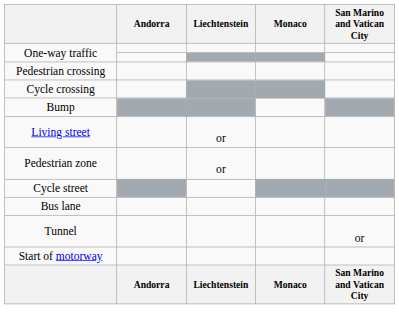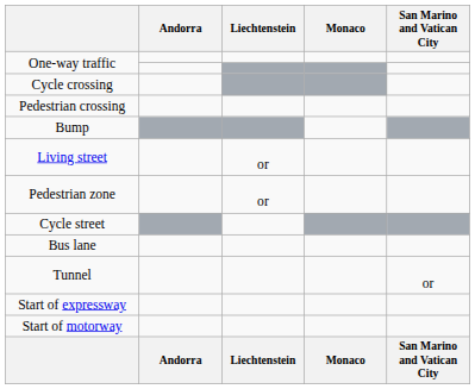 <table class="wikitable" style="text-align:center;">
 <tr style="font-size:smaller;">
 <th width="150"></th>
 <th style="width: 90px;">Andorra</th>
 <th style="width: 90px;">Liechtenstein</th>
 <th style="width: 90px;">Monaco</th>
 <th style="width: 90px;">San Marino and Vatican City</th>
 </tr>
 <tr>
 <td rowspan="2" scope="col">One-way traffic</td>
 <td></td>
 <td></td>
 <td></td>
 <td></td>
 </tr>
 <tr>
 <td></td>
 <td style="background: #a2a9b1;"></td>
 <td style="background: #a2a9b1;"></td>
 <td></td>
 </tr>
 <tr>
+<td>Cycle crossing</td>
+<td></td>
+<td style="background: #a2a9b1;"></td>
+<td style="background: #a2a9b1;"></td>
+<td></td>
+</tr>
+<tr>
 <td>Pedestrian crossing</td>
 <td></td>
 <td><br></td>
 <td></td>
-<td></td>
-</tr>
-<tr>
-<td>Cycle crossing</td>
-<td></td>
-<td style="background: #a2a9b1;"></td>
-<td style="background: #a2a9b1;"></td>
 <td></td>
 </tr>
 <tr>
 <td>Bump</td>
 <td style="background: #a2a9b1;"></td>
 <td style="background: #a2a9b1;"></td>
 <td></td>
 <td style="background: #a2a9b1;"></td>
 </tr>
 <tr>
 <td><a href='#'>Living street</a></td>
 <td></td>
 <td><br>or </td>
 <td></td>
 <td></td>
 </tr>
 <tr>
 <td>Pedestrian zone</td>
 <td><br></td>
 <td><br>or </td>
 <td></td>
 <td></td>
 </tr>
 <tr>
 <td>Cycle street</td>
 <td style="background: #a2a9b1;"></td>
 <td></td>
 <td style="background: #a2a9b1;"></td>
 <td style="background: #a2a9b1;"></td>
 </tr>
 <tr>
 <td>Bus lane</td>
 <td></td>
 <td></td>
 <td></td>
 <td></td>
 </tr>
 <tr>
 <td>Tunnel</td>
 <td></td>
 <td></td>
 <td></td>
 <td><br>or </td>
 </tr>
 <tr>
+<td>Start of <a href='#'>expressway</a></td>
+<td></td>
+<td></td>
+<td></td>
+<td></td>
+</tr>
+<tr>
 <td>Start of <a href='#'>motorway</a></td>
 <td></td>
 <td></td>
 <td></td>
 <td></td>
 </tr>
 <tr style="font-size:smaller;">
 <th width="150"></th>
 <th>Andorra</th>
 <th>Liechtenstein</th>
 <th>Monaco</th>
 <th>San Marino and Vatican City</th>
 </tr>
 </table>
